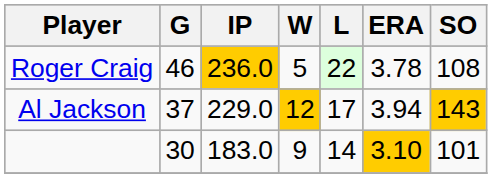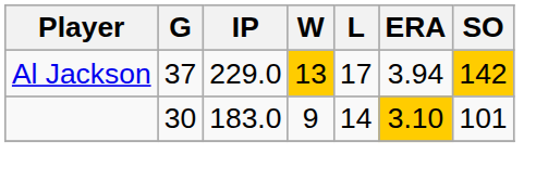 <table class="wikitable sortable">
 <tr>
 <th>Player</th>
 <th>G</th>
 <th>IP</th>
 <th>W</th>
 <th>L</th>
 <th>ERA</th>
 <th>SO</th>
 </tr>
 <tr align="center">
-<td><a href='#'>Roger Craig</a></td>
-<td>46</td>
-<td style="background:#fc0;">236.0</td>
-<td>5</td>
-<td style="background:#DDFFDD;">22</td>
-<td>3.78</td>
-<td>108</td>
-</tr>
-<tr align="center">
 <td><a href='#'>Al Jackson</a></td>
 <td>37</td>
 <td>229.0</td>
-<td style="background:#fc0;">12</td>
+<td style="background:#fc0;">13</td>
 <td>17</td>
 <td>3.94</td>
-<td style="background:#fc0;">143</td>
+<td style="background:#fc0;">142</td>
 </tr>
 <tr align="center">
 <td></td>
 <td>30</td>
 <td>183.0</td>
 <td>9</td>
 <td>14</td>
 <td style="background:#fc0;">3.10</td>
 <td>101</td>
 </tr>
 <tr align="center">
 </tr>
 </table>
